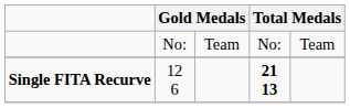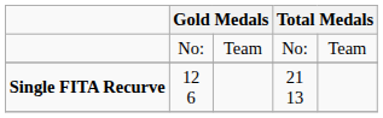 <table class="wikitable" style="text-align: center; font-size:95%;">
 <tr>
 <td></td>
 <th colspan=2>Gold Medals</th>
 <th colspan=2>Total Medals</th>
 </tr>
 <tr>
 <td></td>
 <td>No:</td>
 <td>Team</td>
 <td>No:</td>
 <td>Team</td>
 </tr>
 <tr>
 </tr>
 <tr>
 <td><strong>Single FITA Recurve</strong></td>
 <td>12 <br> 6</td>
 <td align="left"> <br> </td>
-<td><strong>21 <br> 13</strong></td>
+<td>21 <br> 13</td>
 <td align="left"> <br>  </td>
 </tr>
 <tr>
 </tr>
 </table>
